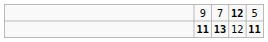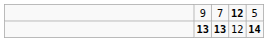 <table class="wikitable">
 <tr>
 <td style="width:18em"></td>
 <td align=center style="width:1em">9</td>
 <td align=center style="width:1em">7</td>
 <td align=center style="width:1em"><strong>12</strong></td>
 <td align=center style="width:1em">5</td>
 </tr>
 <tr>
 <td style="width:18em"></td>
-<td align=center style="width:1em"><strong>11</strong></td>
+<td align=center style="width:1em"><strong>13</strong></td>
 <td align=center style="width:1em"><strong>13</strong></td>
 <td align=center style="width:1em">12</td>
-<td align=center style="width:1em"><strong>11</strong></td>
+<td align=center style="width:1em"><strong>14</strong></td>
 </tr>
 </table>
